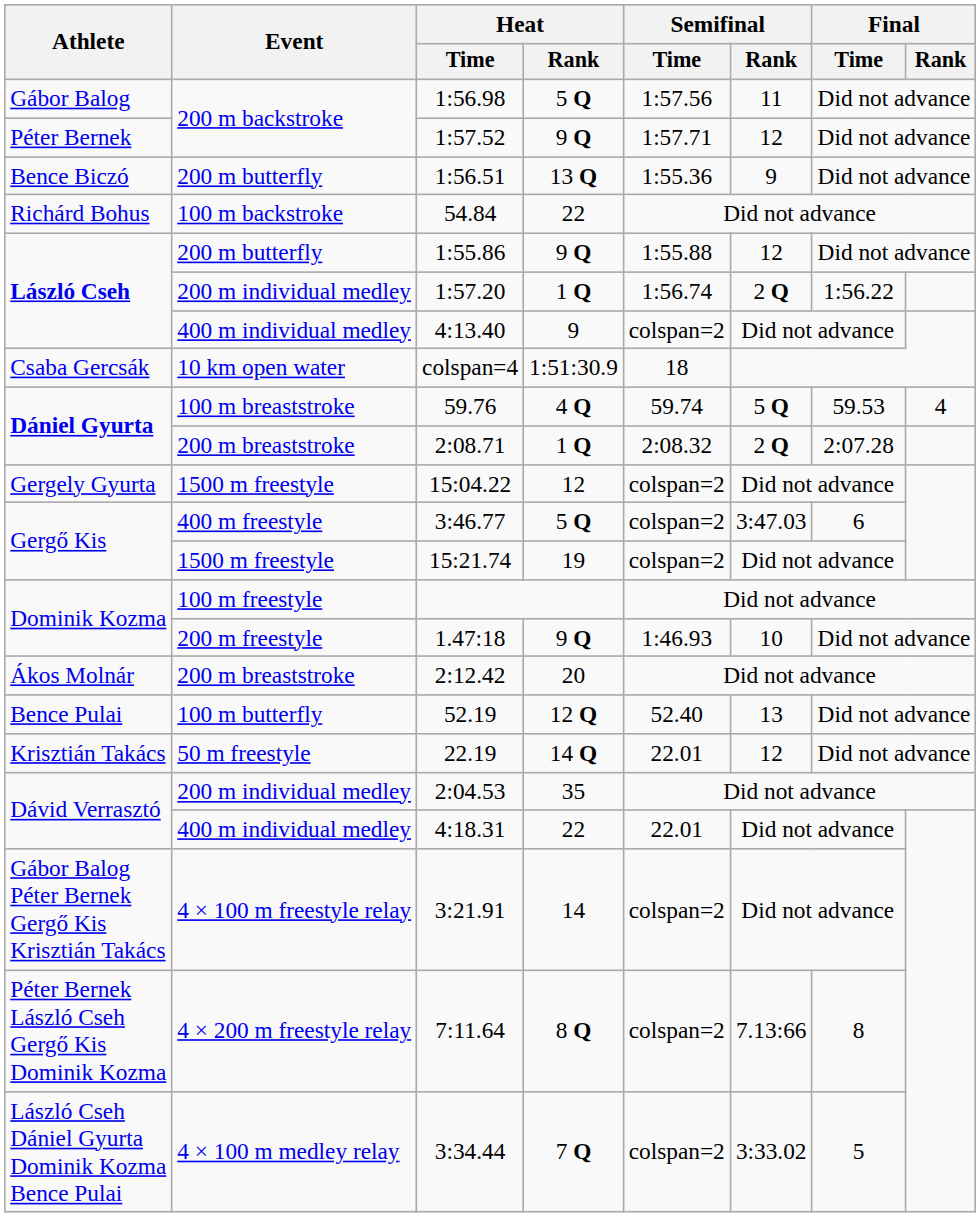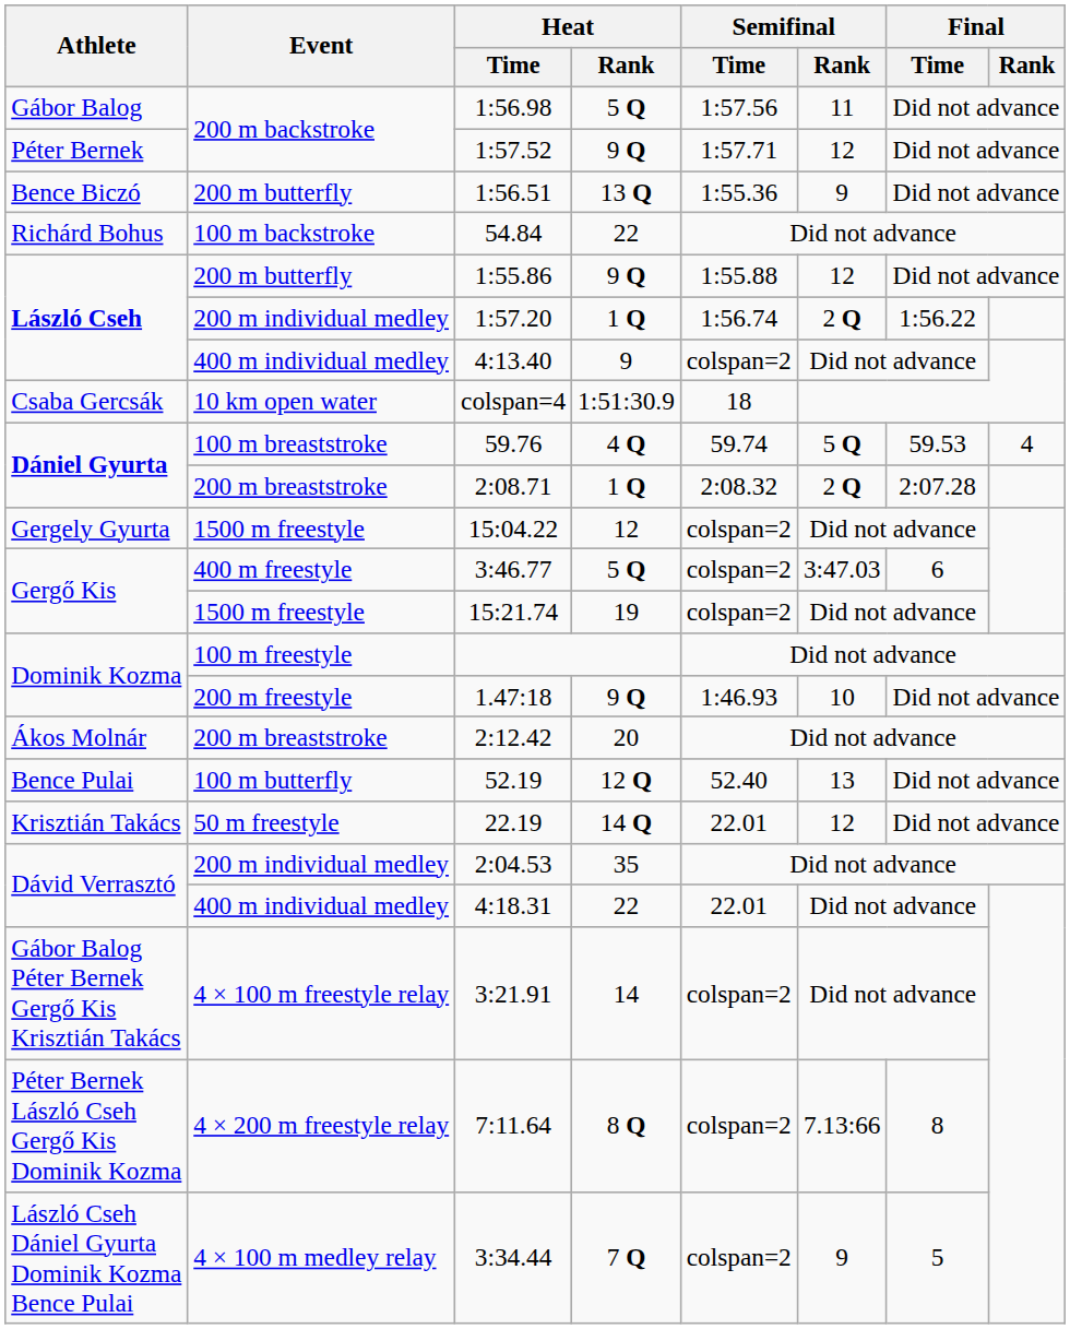 <table class=wikitable style="font-size:90%;">
 <tr>
 <th rowspan=2>Athlete</th>
 <th rowspan=2>Event</th>
 <th colspan=2>Heat</th>
 <th colspan=2>Semifinal</th>
 <th colspan=2>Final</th>
 </tr>
 <tr style="font-size:95%">
 <th>Time</th>
 <th>Rank</th>
 <th>Time</th>
 <th>Rank</th>
 <th>Time</th>
 <th>Rank</th>
 </tr>
 <tr align=center>
 <td align=left><a href='#'>Gábor Balog</a></td>
 <td rowspan=2 align=left><a href='#'>200 m backstroke</a></td>
 <td>1:56.98</td>
 <td>5 <strong>Q</strong></td>
 <td>1:57.56</td>
 <td>11</td>
 <td colspan=2>Did not advance</td>
 </tr>
 <tr align=center>
 <td align=left><a href='#'>Péter Bernek</a></td>
 <td>1:57.52</td>
 <td>9 <strong>Q</strong></td>
 <td>1:57.71</td>
 <td>12</td>
 <td colspan=2>Did not advance</td>
 </tr>
 <tr align=center>
 <td align=left><a href='#'>Bence Biczó</a></td>
 <td align=left><a href='#'>200 m butterfly</a></td>
 <td>1:56.51</td>
 <td>13 <strong>Q</strong></td>
 <td>1:55.36</td>
 <td>9</td>
 <td colspan=2>Did not advance</td>
 </tr>
 <tr align=center>
 <td align=left><a href='#'>Richárd Bohus</a></td>
 <td align=left><a href='#'>100 m backstroke</a></td>
 <td>54.84</td>
 <td>22</td>
 <td colspan=4>Did not advance</td>
 </tr>
 <tr align=center>
 <td rowspan=3 align=left><strong><a href='#'>László Cseh</a></strong></td>
 <td align=left><a href='#'>200 m butterfly</a></td>
 <td>1:55.86</td>
 <td>9 <strong>Q</strong></td>
 <td>1:55.88</td>
 <td>12</td>
 <td colspan=2>Did not advance</td>
 </tr>
 <tr align=center>
 <td align=left><a href='#'>200 m individual medley</a></td>
 <td>1:57.20</td>
 <td>1 <strong>Q</strong></td>
 <td>1:56.74</td>
 <td>2 <strong>Q</strong></td>
 <td>1:56.22</td>
 <td></td>
 </tr>
 <tr align=center>
 <td align=left><a href='#'>400 m individual medley</a></td>
 <td>4:13.40</td>
 <td>9</td>
 <td>colspan=2 </td>
 <td colspan=2>Did not advance</td>
 </tr>
 <tr align=center>
 <td align=left><a href='#'>Csaba Gercsák</a></td>
 <td align=left><a href='#'>10 km open water</a></td>
 <td>colspan=4 </td>
 <td>1:51:30.9</td>
 <td>18</td>
 </tr>
 <tr align=center>
 <td rowspan=2 align=left><strong><a href='#'>Dániel Gyurta</a></strong></td>
 <td align=left><a href='#'>100 m breaststroke</a></td>
 <td>59.76</td>
 <td>4 <strong>Q</strong></td>
 <td>59.74</td>
 <td>5 <strong>Q</strong></td>
 <td>59.53</td>
 <td>4</td>
 </tr>
 <tr align=center>
 <td align=left><a href='#'>200 m breaststroke</a></td>
 <td>2:08.71</td>
 <td>1 <strong>Q</strong></td>
 <td>2:08.32</td>
 <td>2 <strong>Q</strong></td>
 <td>2:07.28 </td>
 <td></td>
 </tr>
 <tr align=center>
 <td align=left><a href='#'>Gergely Gyurta</a></td>
 <td align=left><a href='#'>1500 m freestyle</a></td>
 <td>15:04.22</td>
 <td>12</td>
 <td>colspan=2 </td>
 <td colspan=2>Did not advance</td>
 </tr>
 <tr align=center>
 <td rowspan=2 align=left><a href='#'>Gergő Kis</a></td>
 <td align=left><a href='#'>400 m freestyle</a></td>
 <td>3:46.77</td>
 <td>5 <strong>Q</strong></td>
 <td>colspan=2 </td>
 <td>3:47.03</td>
 <td>6</td>
 </tr>
 <tr align=center>
 <td align=left><a href='#'>1500 m freestyle</a></td>
 <td>15:21.74</td>
 <td>19</td>
 <td>colspan=2 </td>
 <td colspan=2>Did not advance</td>
 </tr>
 <tr align=center>
 <td rowspan=2 align=left><a href='#'>Dominik Kozma</a></td>
 <td align=left><a href='#'>100 m freestyle</a></td>
 <td colspan=2></td>
 <td colspan=4>Did not advance</td>
 </tr>
 <tr align=center>
 <td align=left><a href='#'>200 m freestyle</a></td>
 <td>1.47:18</td>
 <td>9 <strong>Q</strong></td>
 <td>1:46.93</td>
 <td>10</td>
 <td colspan=2>Did not advance</td>
 </tr>
 <tr align=center>
 <td align=left><a href='#'>Ákos Molnár</a></td>
 <td align=left><a href='#'>200 m breaststroke</a></td>
 <td>2:12.42</td>
 <td>20</td>
 <td colspan=4>Did not advance</td>
 </tr>
 <tr align=center>
 <td align=left><a href='#'>Bence Pulai</a></td>
 <td align=left><a href='#'>100 m butterfly</a></td>
 <td>52.19</td>
 <td>12 <strong>Q</strong></td>
 <td>52.40</td>
 <td>13</td>
 <td colspan=2>Did not advance</td>
 </tr>
 <tr align=center>
 <td align=left><a href='#'>Krisztián Takács</a></td>
 <td align=left><a href='#'>50 m freestyle</a></td>
 <td>22.19</td>
 <td>14 <strong>Q</strong></td>
 <td>22.01</td>
 <td>12</td>
 <td colspan=2>Did not advance</td>
 </tr>
 <tr align=center>
 <td rowspan=2 align=left><a href='#'>Dávid Verrasztó</a></td>
 <td align=left><a href='#'>200 m individual medley</a></td>
 <td>2:04.53</td>
 <td>35</td>
 <td colspan=4>Did not advance</td>
 </tr>
 <tr align=center>
 <td align=left><a href='#'>400 m individual medley</a></td>
 <td>4:18.31</td>
 <td>22</td>
 <td>22.01</td>
 <td colspan=2>Did not advance</td>
 </tr>
 <tr align=center>
 <td align=left><a href='#'>Gábor Balog</a><br><a href='#'>Péter Bernek</a><br><a href='#'>Gergő Kis</a><br><a href='#'>Krisztián Takács</a></td>
 <td align=left><a href='#'>4 × 100 m freestyle relay</a></td>
 <td>3:21.91</td>
 <td>14</td>
 <td>colspan=2 </td>
 <td colspan=2>Did not advance</td>
 </tr>
 <tr align=center>
 <td align=left><a href='#'>Péter Bernek</a><br><a href='#'>László Cseh</a><br><a href='#'>Gergő Kis</a><br><a href='#'>Dominik Kozma</a></td>
 <td align=left><a href='#'>4 × 200 m freestyle relay</a></td>
 <td>7:11.64</td>
 <td>8 <strong>Q</strong></td>
 <td>colspan=2 </td>
 <td>7.13:66</td>
 <td>8</td>
 </tr>
 <tr align=center>
 <td align=left><a href='#'>László Cseh</a><br><a href='#'>Dániel Gyurta</a><br><a href='#'>Dominik Kozma</a><br><a href='#'>Bence Pulai</a></td>
 <td align=left><a href='#'>4 × 100 m medley relay</a></td>
 <td>3:34.44</td>
 <td>7 <strong>Q</strong></td>
 <td>colspan=2 </td>
-<td>3:33.02</td>
+<td>9</td>
 <td>5</td>
 </tr>
 </table>
